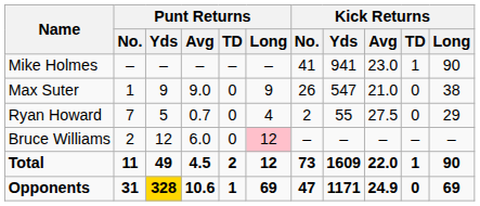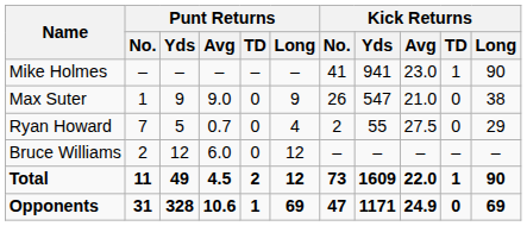 <table class="wikitable" style="white-space:nowrap;">
 <tr>
 <th rowspan="2">Name</th>
 <th colspan="5">Punt Returns</th>
 <th colspan="5">Kick Returns</th>
 </tr>
 <tr>
 <th>No.</th>
 <th>Yds</th>
 <th>Avg</th>
 <th>TD</th>
 <th>Long</th>
 <th>No.</th>
 <th>Yds</th>
 <th>Avg</th>
 <th>TD</th>
 <th>Long</th>
 </tr>
 <tr>
 <td>Mike Holmes</td>
 <td align="center">–</td>
 <td align="center">–</td>
 <td align="center">–</td>
 <td align="center">–</td>
 <td align="center">–</td>
 <td align="center">41</td>
 <td align="center">941</td>
 <td align="center">23.0</td>
 <td align="center">1</td>
 <td align="center">90</td>
 </tr>
 <tr>
 <td>Max Suter</td>
 <td align="center">1</td>
 <td align="center">9</td>
 <td align="center">9.0</td>
 <td align="center">0</td>
 <td align="center">9</td>
 <td align="center">26</td>
 <td align="center">547</td>
 <td align="center">21.0</td>
 <td align="center">0</td>
 <td align="center">38</td>
 </tr>
 <tr>
 <td>Ryan Howard</td>
 <td align="center">7</td>
 <td align="center">5</td>
 <td align="center">0.7</td>
 <td align="center">0</td>
 <td align="center">4</td>
 <td align="center">2</td>
 <td align="center">55</td>
 <td align="center">27.5</td>
 <td align="center">0</td>
 <td align="center">29</td>
 </tr>
 <tr>
 <td>Bruce Williams</td>
 <td align="center">2</td>
 <td align="center">12</td>
 <td align="center">6.0</td>
 <td align="center">0</td>
-<td align="center" style="background: pink;">12</td>
+<td align="center">12</td>
 <td align="center">–</td>
 <td align="center">–</td>
 <td align="center">–</td>
 <td align="center">–</td>
 <td align="center">–</td>
 </tr>
 <tr>
 <td><strong>Total</strong></td>
 <td align="center"><strong>11</strong></td>
 <td align="center"><strong>49</strong></td>
 <td align="center"><strong>4.5</strong></td>
 <td align="center"><strong>2</strong></td>
 <td align="center"><strong>12</strong></td>
 <td align="center"><strong>73</strong></td>
 <td align="center"><strong>1609</strong></td>
 <td align="center"><strong>22.0</strong></td>
 <td align="center"><strong>1</strong></td>
 <td align="center"><strong>90</strong></td>
 </tr>
 <tr>
 <td><strong>Opponents</strong></td>
 <td align="center"><strong>31</strong></td>
-<td align="center" style="background: gold;"><strong>328</strong></td>
+<td align="center"><strong>328</strong></td>
 <td align="center"><strong>10.6</strong></td>
 <td align="center"><strong>1</strong></td>
 <td align="center"><strong>69</strong></td>
 <td align="center"><strong>47</strong></td>
 <td align="center"><strong>1171</strong></td>
 <td align="center"><strong>24.9</strong></td>
 <td align="center"><strong>0</strong></td>
 <td align="center"><strong>69</strong></td>
 </tr>
 </table>
